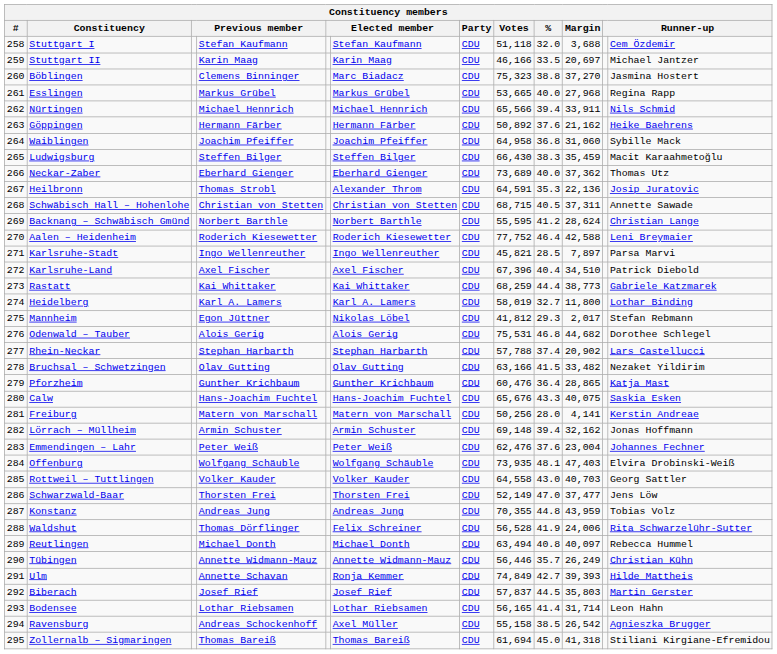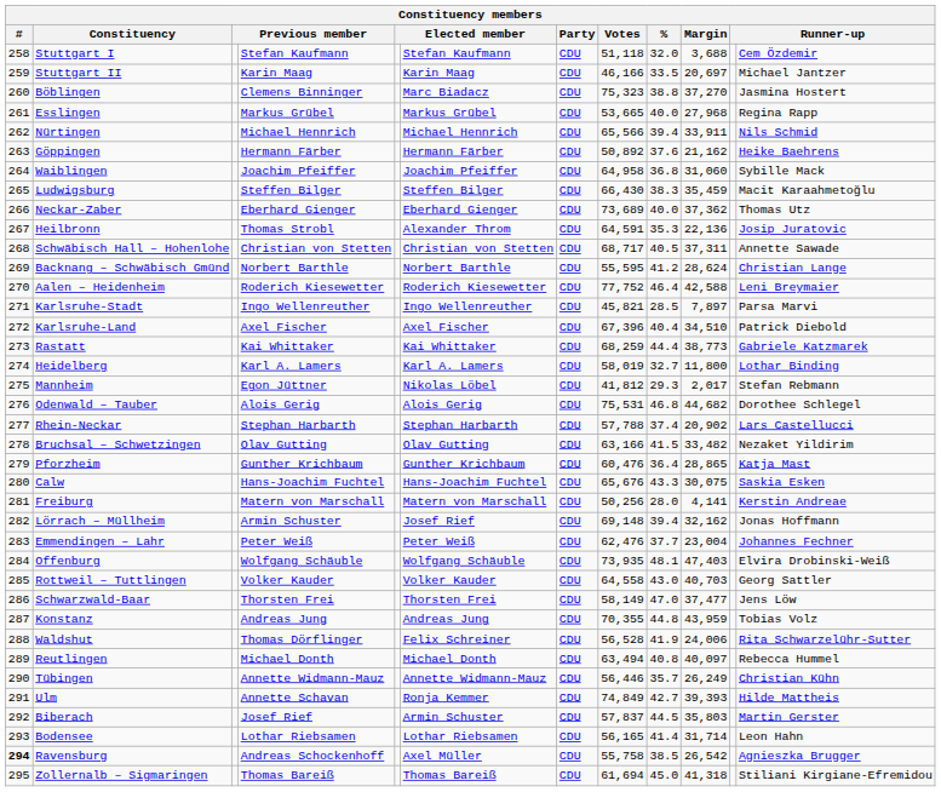 <table class="wikitable sortable" style="text-align:right">
 <tr>
 <th colspan="12">Constituency members</th>
 </tr>
 <tr>
 <th>#</th>
 <th>Constituency</th>
 <th colspan="2">Previous member</th>
 <th colspan="2">Elected member</th>
 <th>Party</th>
 <th>Votes</th>
 <th>%</th>
 <th>Margin</th>
 <th colspan="2">Runner-up</th>
 </tr>
 <tr>
 <td>258</td>
 <td align=left><a href='#'>Stuttgart I</a></td>
 <td bgcolor=></td>
 <td align=left><a href='#'>Stefan Kaufmann</a></td>
 <td bgcolor=></td>
 <td align=left><a href='#'>Stefan Kaufmann</a></td>
 <td align=left><a href='#'>CDU</a></td>
 <td>51,118</td>
 <td>32.0</td>
 <td>3,688</td>
 <td bgcolor=></td>
 <td align=left><a href='#'>Cem Özdemir</a></td>
 </tr>
 <tr>
 <td>259</td>
 <td align=left><a href='#'>Stuttgart II</a></td>
 <td bgcolor=></td>
 <td align=left><a href='#'>Karin Maag</a></td>
 <td bgcolor=></td>
 <td align=left><a href='#'>Karin Maag</a></td>
 <td align=left><a href='#'>CDU</a></td>
 <td>46,166</td>
 <td>33.5</td>
 <td>20,697</td>
 <td bgcolor=></td>
 <td align=left>Michael Jantzer</td>
 </tr>
 <tr>
 <td>260</td>
 <td align=left><a href='#'>Böblingen</a></td>
 <td bgcolor=></td>
 <td align=left><a href='#'>Clemens Binninger</a></td>
 <td bgcolor=></td>
 <td align=left><a href='#'>Marc Biadacz</a></td>
 <td align=left><a href='#'>CDU</a></td>
 <td>75,323</td>
 <td>38.8</td>
 <td>37,270</td>
 <td bgcolor=></td>
 <td align=left>Jasmina Hostert</td>
 </tr>
 <tr>
 <td>261</td>
 <td align=left><a href='#'>Esslingen</a></td>
 <td bgcolor=></td>
 <td align=left><a href='#'>Markus Grübel</a></td>
 <td bgcolor=></td>
 <td align=left><a href='#'>Markus Grübel</a></td>
 <td align=left><a href='#'>CDU</a></td>
 <td>53,665</td>
 <td>40.0</td>
 <td>27,968</td>
 <td bgcolor=></td>
 <td align=left>Regina Rapp</td>
 </tr>
 <tr>
 <td>262</td>
 <td align=left><a href='#'>Nürtingen</a></td>
 <td bgcolor=></td>
 <td align=left><a href='#'>Michael Hennrich</a></td>
 <td bgcolor=></td>
 <td align=left><a href='#'>Michael Hennrich</a></td>
 <td align=left><a href='#'>CDU</a></td>
 <td>65,566</td>
 <td>39.4</td>
 <td>33,911</td>
 <td bgcolor=></td>
 <td align=left><a href='#'>Nils Schmid</a></td>
 </tr>
 <tr>
 <td>263</td>
 <td align=left><a href='#'>Göppingen</a></td>
 <td bgcolor=></td>
 <td align=left><a href='#'>Hermann Färber</a></td>
 <td bgcolor=></td>
 <td align=left><a href='#'>Hermann Färber</a></td>
 <td align=left><a href='#'>CDU</a></td>
 <td>50,892</td>
 <td>37.6</td>
 <td>21,162</td>
 <td bgcolor=></td>
 <td align=left><a href='#'>Heike Baehrens</a></td>
 </tr>
 <tr>
 <td>264</td>
 <td align=left><a href='#'>Waiblingen</a></td>
 <td bgcolor=></td>
 <td align=left><a href='#'>Joachim Pfeiffer</a></td>
 <td bgcolor=></td>
 <td align=left><a href='#'>Joachim Pfeiffer</a></td>
 <td align=left><a href='#'>CDU</a></td>
 <td>64,958</td>
 <td>36.8</td>
 <td>31,060</td>
 <td bgcolor=></td>
 <td align=left>Sybille Mack</td>
 </tr>
 <tr>
 <td>265</td>
 <td align=left><a href='#'>Ludwigsburg</a></td>
 <td bgcolor=></td>
 <td align=left><a href='#'>Steffen Bilger</a></td>
 <td bgcolor=></td>
 <td align=left><a href='#'>Steffen Bilger</a></td>
 <td align=left><a href='#'>CDU</a></td>
 <td>66,430</td>
 <td>38.3</td>
 <td>35,459</td>
 <td bgcolor=></td>
 <td align=left>Macit Karaahmetoğlu</td>
 </tr>
 <tr>
 <td>266</td>
 <td align=left><a href='#'>Neckar-Zaber</a></td>
 <td bgcolor=></td>
 <td align=left><a href='#'>Eberhard Gienger</a></td>
 <td bgcolor=></td>
 <td align=left><a href='#'>Eberhard Gienger</a></td>
 <td align=left><a href='#'>CDU</a></td>
 <td>73,689</td>
 <td>40.0</td>
 <td>37,362</td>
 <td bgcolor=></td>
 <td align=left>Thomas Utz</td>
 </tr>
 <tr>
 <td>267</td>
 <td align=left><a href='#'>Heilbronn</a></td>
 <td bgcolor=></td>
 <td align=left><a href='#'>Thomas Strobl</a></td>
 <td bgcolor=></td>
 <td align=left><a href='#'>Alexander Throm</a></td>
 <td align=left><a href='#'>CDU</a></td>
 <td>64,591</td>
 <td>35.3</td>
 <td>22,136</td>
 <td bgcolor=></td>
 <td align=left><a href='#'>Josip Juratovic</a></td>
 </tr>
 <tr>
 <td>268</td>
 <td align=left><a href='#'>Schwäbisch Hall – Hohenlohe</a></td>
 <td bgcolor=></td>
 <td align=left><a href='#'>Christian von Stetten</a></td>
 <td bgcolor=></td>
 <td align=left><a href='#'>Christian von Stetten</a></td>
 <td align=left><a href='#'>CDU</a></td>
-<td>68,715</td>
+<td>68,717</td>
 <td>40.5</td>
 <td>37,311</td>
 <td bgcolor=></td>
 <td align=left>Annette Sawade</td>
 </tr>
 <tr>
 <td>269</td>
 <td align=left><a href='#'>Backnang – Schwäbisch Gmünd</a></td>
 <td bgcolor=></td>
 <td align=left><a href='#'>Norbert Barthle</a></td>
 <td bgcolor=></td>
 <td align=left><a href='#'>Norbert Barthle</a></td>
 <td align=left><a href='#'>CDU</a></td>
 <td>55,595</td>
 <td>41.2</td>
 <td>28,624</td>
 <td bgcolor=></td>
 <td align=left><a href='#'>Christian Lange</a></td>
 </tr>
 <tr>
 <td>270</td>
 <td align=left><a href='#'>Aalen – Heidenheim</a></td>
 <td bgcolor=></td>
 <td align=left><a href='#'>Roderich Kiesewetter</a></td>
 <td bgcolor=></td>
 <td align=left><a href='#'>Roderich Kiesewetter</a></td>
 <td align=left><a href='#'>CDU</a></td>
 <td>77,752</td>
 <td>46.4</td>
 <td>42,588</td>
 <td bgcolor=></td>
 <td align=left><a href='#'>Leni Breymaier</a></td>
 </tr>
 <tr>
 <td>271</td>
 <td align=left><a href='#'>Karlsruhe-Stadt</a></td>
 <td bgcolor=></td>
 <td align=left><a href='#'>Ingo Wellenreuther</a></td>
 <td bgcolor=></td>
 <td align=left><a href='#'>Ingo Wellenreuther</a></td>
 <td align=left><a href='#'>CDU</a></td>
 <td>45,821</td>
 <td>28.5</td>
 <td>7,897</td>
 <td bgcolor=></td>
 <td align=left>Parsa Marvi</td>
 </tr>
 <tr>
 <td>272</td>
 <td align=left><a href='#'>Karlsruhe-Land</a></td>
 <td bgcolor=></td>
 <td align=left><a href='#'>Axel Fischer</a></td>
 <td bgcolor=></td>
 <td align=left><a href='#'>Axel Fischer</a></td>
 <td align=left><a href='#'>CDU</a></td>
 <td>67,396</td>
 <td>40.4</td>
 <td>34,510</td>
 <td bgcolor=></td>
 <td align=left>Patrick Diebold</td>
 </tr>
 <tr>
 <td>273</td>
 <td align=left><a href='#'>Rastatt</a></td>
 <td bgcolor=></td>
 <td align=left><a href='#'>Kai Whittaker</a></td>
 <td bgcolor=></td>
 <td align=left><a href='#'>Kai Whittaker</a></td>
 <td align=left><a href='#'>CDU</a></td>
 <td>68,259</td>
 <td>44.4</td>
 <td>38,773</td>
 <td bgcolor=></td>
 <td align=left><a href='#'>Gabriele Katzmarek</a></td>
 </tr>
 <tr>
 <td>274</td>
 <td align=left><a href='#'>Heidelberg</a></td>
 <td bgcolor=></td>
 <td align=left><a href='#'>Karl A. Lamers</a></td>
 <td bgcolor=></td>
 <td align=left><a href='#'>Karl A. Lamers</a></td>
 <td align=left><a href='#'>CDU</a></td>
 <td>58,019</td>
 <td>32.7</td>
 <td>11,800</td>
 <td bgcolor=></td>
 <td align=left><a href='#'>Lothar Binding</a></td>
 </tr>
 <tr>
 <td>275</td>
 <td align=left><a href='#'>Mannheim</a></td>
 <td bgcolor=></td>
 <td align=left><a href='#'>Egon Jüttner</a></td>
 <td></td>
 <td align=left><a href='#'>Nikolas Löbel</a></td>
 <td align=left><a href='#'>CDU</a></td>
 <td>41,812</td>
 <td>29.3</td>
 <td>2,017</td>
 <td bgcolor=></td>
 <td align=left>Stefan Rebmann</td>
 </tr>
 <tr>
 <td>276</td>
 <td align=left><a href='#'>Odenwald – Tauber</a></td>
 <td bgcolor=></td>
 <td align=left><a href='#'>Alois Gerig</a></td>
 <td bgcolor=></td>
 <td align=left><a href='#'>Alois Gerig</a></td>
 <td align=left><a href='#'>CDU</a></td>
 <td>75,531</td>
 <td>46.8</td>
 <td>44,682</td>
 <td bgcolor=></td>
 <td align=left>Dorothee Schlegel</td>
 </tr>
 <tr>
 <td>277</td>
 <td align=left><a href='#'>Rhein-Neckar</a></td>
 <td bgcolor=></td>
 <td align=left><a href='#'>Stephan Harbarth</a></td>
 <td bgcolor=></td>
 <td align=left><a href='#'>Stephan Harbarth</a></td>
 <td align=left><a href='#'>CDU</a></td>
 <td>57,788</td>
 <td>37.4</td>
 <td>20,902</td>
 <td bgcolor=></td>
 <td align=left><a href='#'>Lars Castellucci</a></td>
 </tr>
 <tr>
 <td>278</td>
 <td align=left><a href='#'>Bruchsal – Schwetzingen</a></td>
 <td bgcolor=></td>
 <td align=left><a href='#'>Olav Gutting</a></td>
 <td bgcolor=></td>
 <td align=left><a href='#'>Olav Gutting</a></td>
 <td align=left><a href='#'>CDU</a></td>
 <td>63,166</td>
 <td>41.5</td>
 <td>33,482</td>
 <td bgcolor=></td>
 <td align=left>Nezaket Yildirim</td>
 </tr>
 <tr>
 <td>279</td>
 <td align=left><a href='#'>Pforzheim</a></td>
 <td bgcolor=></td>
 <td align=left><a href='#'>Gunther Krichbaum</a></td>
 <td bgcolor=></td>
 <td align=left><a href='#'>Gunther Krichbaum</a></td>
 <td align=left><a href='#'>CDU</a></td>
 <td>60,476</td>
 <td>36.4</td>
 <td>28,865</td>
 <td bgcolor=></td>
 <td align=left><a href='#'>Katja Mast</a></td>
 </tr>
 <tr>
 <td>280</td>
 <td align=left><a href='#'>Calw</a></td>
 <td bgcolor=></td>
 <td align=left><a href='#'>Hans-Joachim Fuchtel</a></td>
 <td bgcolor=></td>
 <td align=left><a href='#'>Hans-Joachim Fuchtel</a></td>
 <td align=left><a href='#'>CDU</a></td>
 <td>65,676</td>
 <td>43.3</td>
-<td>40,075</td>
+<td>30,075</td>
 <td bgcolor=></td>
 <td align=left><a href='#'>Saskia Esken</a></td>
 </tr>
 <tr>
 <td>281</td>
 <td align=left><a href='#'>Freiburg</a></td>
 <td bgcolor=></td>
 <td align=left><a href='#'>Matern von Marschall</a></td>
 <td bgcolor=></td>
 <td align=left><a href='#'>Matern von Marschall</a></td>
 <td align=left><a href='#'>CDU</a></td>
 <td>50,256</td>
 <td>28.0</td>
 <td>4,141</td>
 <td bgcolor=></td>
 <td align=left><a href='#'>Kerstin Andreae</a></td>
 </tr>
 <tr>
 <td>282</td>
 <td align=left><a href='#'>Lörrach – Müllheim</a></td>
 <td bgcolor=></td>
 <td align=left><a href='#'>Armin Schuster</a></td>
 <td bgcolor=></td>
-<td align=left><a href='#'>Armin Schuster</a></td>
+<td align=left><a href='#'>Josef Rief</a></td>
 <td align=left><a href='#'>CDU</a></td>
 <td>69,148</td>
 <td>39.4</td>
 <td>32,162</td>
 <td bgcolor=></td>
 <td align=left>Jonas Hoffmann</td>
 </tr>
 <tr>
 <td>283</td>
 <td align=left><a href='#'>Emmendingen – Lahr</a></td>
 <td bgcolor=></td>
 <td align=left><a href='#'>Peter Weiß</a></td>
 <td bgcolor=></td>
 <td align=left><a href='#'>Peter Weiß</a></td>
 <td align=left><a href='#'>CDU</a></td>
 <td>62,476</td>
-<td>37.6</td>
+<td>37.7</td>
 <td>23,004</td>
 <td bgcolor=></td>
 <td align=left><a href='#'>Johannes Fechner</a></td>
 </tr>
 <tr>
 <td>284</td>
 <td align=left><a href='#'>Offenburg</a></td>
 <td bgcolor=></td>
 <td align=left><a href='#'>Wolfgang Schäuble</a></td>
 <td bgcolor=></td>
 <td align=left><a href='#'>Wolfgang Schäuble</a></td>
 <td align=left><a href='#'>CDU</a></td>
 <td>73,935</td>
 <td>48.1</td>
 <td>47,403</td>
 <td bgcolor=></td>
 <td align=left>Elvira Drobinski-Weiß</td>
 </tr>
 <tr>
 <td>285</td>
 <td align=left><a href='#'>Rottweil – Tuttlingen</a></td>
 <td bgcolor=></td>
 <td align=left><a href='#'>Volker Kauder</a></td>
 <td bgcolor=></td>
 <td align=left><a href='#'>Volker Kauder</a></td>
 <td align=left><a href='#'>CDU</a></td>
 <td>64,558</td>
 <td>43.0</td>
 <td>40,703</td>
 <td bgcolor=></td>
 <td align=left>Georg Sattler</td>
 </tr>
 <tr>
 <td>286</td>
 <td align=left><a href='#'>Schwarzwald-Baar</a></td>
 <td bgcolor=></td>
 <td align=left><a href='#'>Thorsten Frei</a></td>
 <td bgcolor=></td>
 <td align=left><a href='#'>Thorsten Frei</a></td>
 <td align=left><a href='#'>CDU</a></td>
-<td>52,149</td>
+<td>58,149</td>
 <td>47.0</td>
 <td>37,477</td>
 <td bgcolor=></td>
 <td align=left>Jens Löw</td>
 </tr>
 <tr>
 <td>287</td>
 <td align=left><a href='#'>Konstanz</a></td>
 <td bgcolor=></td>
 <td align=left><a href='#'>Andreas Jung</a></td>
 <td bgcolor=></td>
 <td align=left><a href='#'>Andreas Jung</a></td>
 <td align=left><a href='#'>CDU</a></td>
 <td>70,355</td>
 <td>44.8</td>
 <td>43,959</td>
 <td bgcolor=></td>
 <td align=left>Tobias Volz</td>
 </tr>
 <tr>
 <td>288</td>
 <td align=left><a href='#'>Waldshut</a></td>
 <td bgcolor=></td>
 <td align=left><a href='#'>Thomas Dörflinger</a></td>
 <td></td>
 <td align=left><a href='#'>Felix Schreiner</a></td>
 <td align=left><a href='#'>CDU</a></td>
 <td>56,528</td>
 <td>41.9</td>
 <td>24,006</td>
 <td bgcolor=></td>
 <td align=left><a href='#'>Rita Schwarzelühr-Sutter</a></td>
 </tr>
 <tr>
 <td>289</td>
 <td align=left><a href='#'>Reutlingen</a></td>
 <td bgcolor=></td>
 <td align=left><a href='#'>Michael Donth</a></td>
 <td bgcolor=></td>
 <td align=left><a href='#'>Michael Donth</a></td>
 <td align=left><a href='#'>CDU</a></td>
 <td>63,494</td>
 <td>40.8</td>
 <td>40,097</td>
 <td bgcolor=></td>
 <td align=left>Rebecca Hummel</td>
 </tr>
 <tr>
 <td>290</td>
 <td align=left><a href='#'>Tübingen</a></td>
 <td bgcolor=></td>
 <td align=left><a href='#'>Annette Widmann-Mauz</a></td>
 <td bgcolor=></td>
 <td align=left><a href='#'>Annette Widmann-Mauz</a></td>
 <td align=left><a href='#'>CDU</a></td>
 <td>56,446</td>
 <td>35.7</td>
 <td>26,249</td>
 <td bgcolor=></td>
 <td align=left><a href='#'>Christian Kühn</a></td>
 </tr>
 <tr>
 <td>291</td>
 <td align=left><a href='#'>Ulm</a></td>
 <td bgcolor=></td>
 <td align=left><a href='#'>Annette Schavan</a></td>
 <td bgcolor=></td>
 <td align=left><a href='#'>Ronja Kemmer</a></td>
 <td align=left><a href='#'>CDU</a></td>
 <td>74,849</td>
 <td>42.7</td>
 <td>39,393</td>
 <td bgcolor=></td>
 <td align=left><a href='#'>Hilde Mattheis</a></td>
 </tr>
 <tr>
 <td>292</td>
 <td align=left><a href='#'>Biberach</a></td>
 <td bgcolor=></td>
 <td align=left><a href='#'>Josef Rief</a></td>
 <td bgcolor=></td>
-<td align=left><a href='#'>Josef Rief</a></td>
+<td align=left><a href='#'>Armin Schuster</a></td>
 <td align=left><a href='#'>CDU</a></td>
 <td>57,837</td>
 <td>44.5</td>
 <td>35,803</td>
 <td bgcolor=></td>
 <td align=left><a href='#'>Martin Gerster</a></td>
 </tr>
 <tr>
 <td>293</td>
 <td align=left><a href='#'>Bodensee</a></td>
 <td bgcolor=></td>
 <td align=left><a href='#'>Lothar Riebsamen</a></td>
 <td bgcolor=></td>
 <td align=left><a href='#'>Lothar Riebsamen</a></td>
 <td align=left><a href='#'>CDU</a></td>
 <td>56,165</td>
 <td>41.4</td>
 <td>31,714</td>
 <td bgcolor=></td>
 <td align=left>Leon Hahn</td>
 </tr>
 <tr>
-<td>294</td>
+<td><strong>294</strong></td>
 <td align=left><a href='#'>Ravensburg</a></td>
 <td bgcolor=></td>
 <td align=left><a href='#'>Andreas Schockenhoff</a></td>
 <td bgcolor=></td>
 <td align=left><a href='#'>Axel Müller</a></td>
 <td align=left><a href='#'>CDU</a></td>
-<td>55,158</td>
+<td>55,758</td>
 <td>38.5</td>
 <td>26,542</td>
 <td bgcolor=></td>
 <td align=left><a href='#'>Agnieszka Brugger</a></td>
 </tr>
 <tr>
 <td>295</td>
 <td align=left><a href='#'>Zollernalb – Sigmaringen</a></td>
 <td bgcolor=></td>
 <td align=left><a href='#'>Thomas Bareiß</a></td>
 <td bgcolor=></td>
 <td align=left><a href='#'>Thomas Bareiß</a></td>
 <td align=left><a href='#'>CDU</a></td>
 <td>61,694</td>
 <td>45.0</td>
 <td>41,318</td>
 <td bgcolor=></td>
 <td align=left>Stiliani Kirgiane-Efremidou</td>
 </tr>
 </table>
